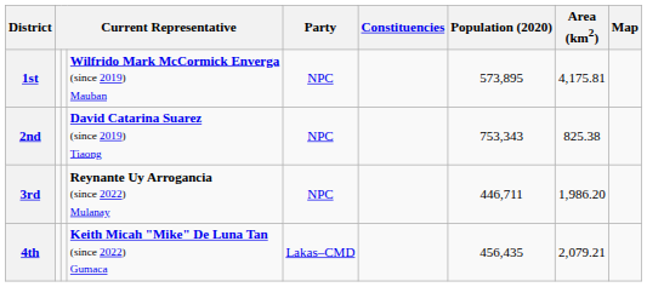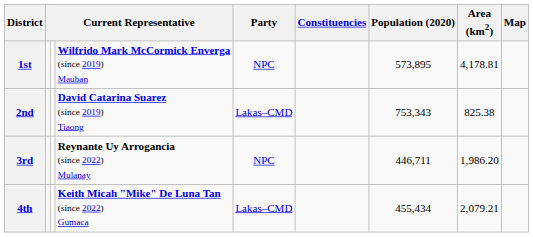 <table class="wikitable" style="margin: 1em auto; font-size:100%; line-height:20px; text-align:center">
 <tr>
 <th>District</th>
 <th colspan="3">Current Representative</th>
 <th>Party</th>
 <th><a href='#'> Constituencies</a></th>
 <th>Population (2020)</th>
 <th>Area<br>(km<sup>2</sup>)</th>
 <th>Map</th>
 </tr>
 <tr>
 <th><a href='#'>1st</a></th>
 <td style="background:"></td>
 <td></td>
 <td style="text-align:left;"><strong><a href='#'>Wilfrido Mark McCormick Enverga</a></strong><br><small>(since <a href='#'>2019</a>)</small><br><small><a href='#'>Mauban</a></small></td>
 <td><a href='#'>NPC</a></td>
 <td></td>
 <td>573,895</td>
-<td>4,175.81</td>
+<td>4,178.81</td>
 <td></td>
 </tr>
 <tr>
 <th><a href='#'>2nd</a></th>
 <td style="background:"></td>
 <td></td>
 <td style="text-align:left;"><strong><a href='#'>David Catarina Suarez</a></strong><br><small>(since <a href='#'>2019</a>)</small><br><small><a href='#'>Tiaong</a></small></td>
-<td><a href='#'>NPC</a></td>
+<td><a href='#'>Lakas–CMD</a></td>
 <td></td>
 <td>753,343</td>
 <td>825.38</td>
 <td></td>
 </tr>
 <tr>
 <th><a href='#'>3rd</a></th>
 <td style="background:"></td>
 <td></td>
 <td style="text-align:left;"><strong>Reynante Uy Arrogancia</strong><br><small>(since <a href='#'>2022</a>)</small><br><small><a href='#'>Mulanay</a></small></td>
 <td><a href='#'>NPC</a></td>
 <td></td>
 <td>446,711</td>
 <td>1,986.20</td>
 <td></td>
 </tr>
 <tr>
 <th><a href='#'>4th</a></th>
 <td style="background:"></td>
 <td></td>
 <td style="text-align:left;"><strong><a href='#'>Keith Micah "Mike" De Luna Tan</a></strong><br><small>(since <a href='#'>2022</a>)</small><br><small><a href='#'>Gumaca</a></small></td>
 <td><a href='#'>Lakas–CMD</a></td>
 <td></td>
-<td>456,435</td>
+<td>455,434</td>
 <td>2,079.21</td>
 <td></td>
 </tr>
 </table>
